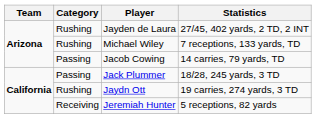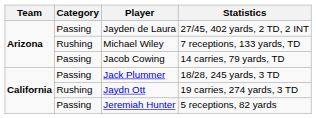 <table class="wikitable" style="float: right;">
 <tr>
 <th>Team</th>
 <th>Category</th>
 <th>Player</th>
 <th>Statistics</th>
 </tr>
 <tr>
 <td rowspan=3><strong>Arizona</strong></td>
-<td>Rushing</td>
+<td>Passing</td>
 <td>Jayden de Laura</td>
 <td>27/45, 402 yards, 2 TD, 2 INT</td>
 </tr>
 <tr>
 <td>Rushing</td>
 <td>Michael Wiley</td>
 <td>7 receptions, 133 yards, TD</td>
 </tr>
 <tr>
 <td>Passing</td>
 <td>Jacob Cowing</td>
 <td>14 carries, 79 yards, TD</td>
 </tr>
 <tr>
 <td rowspan=3><strong>California</strong></td>
 <td>Passing</td>
 <td><a href='#'>Jack Plummer</a></td>
 <td>18/28, 245 yards, 3 TD</td>
 </tr>
 <tr>
 <td>Rushing</td>
 <td><a href='#'>Jaydn Ott</a></td>
 <td>19 carries, 274 yards, 3 TD</td>
 </tr>
 <tr>
-<td>Receiving</td>
+<td>Passing</td>
 <td><a href='#'>Jeremiah Hunter</a></td>
 <td>5 receptions, 82 yards</td>
 </tr>
 </table>
